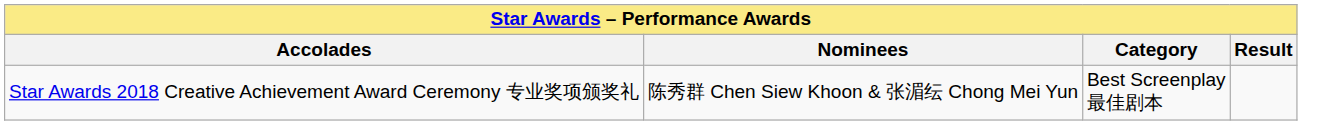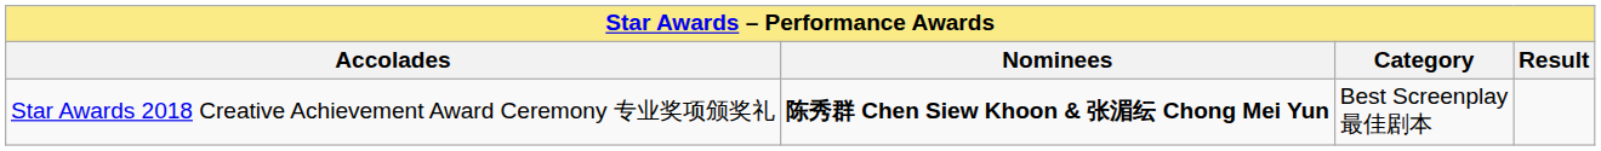 <table class="wikitable sortable">
 <tr>
 <th colspan="4" - style="background:#FAEB86;" align="center"><a href='#'>Star Awards</a> – Performance Awards</th>
 </tr>
 <tr>
 <th>Accolades</th>
 <th>Nominees</th>
 <th>Category</th>
 <th>Result</th>
 </tr>
 <tr>
 <td><a href='#'>Star Awards 2018</a> Creative Achievement Award Ceremony 专业奖项颁奖礼</td>
-<td>陈秀群 Chen Siew Khoon & 张湄纭 Chong Mei Yun</td>
+<td><strong>陈秀群 Chen Siew Khoon & 张湄纭 Chong Mei Yun</strong></td>
 <td>Best Screenplay <br> 最佳剧本</td>
 <td></td>
 </tr>
 </table>
